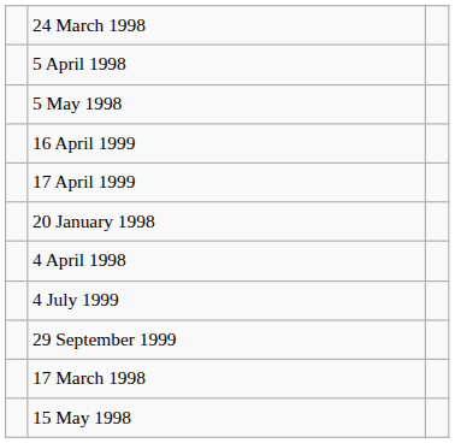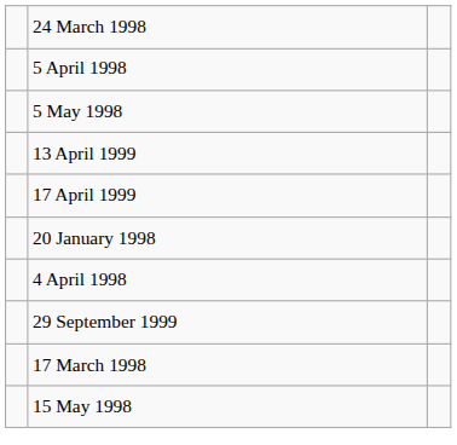 <table class="wikitable" style="font-size: 89%; float: left; width: 24em; margin-right: 1em; line-height: 1.65em !important; height: 324px;">
 <tr>
 <td></td>
 <td>24 March 1998</td>
 <td></td>
 </tr>
 <tr>
 <td></td>
 <td>5 April 1998</td>
 <td></td>
 </tr>
 <tr>
 <td></td>
 <td>5 May 1998</td>
 <td></td>
 </tr>
 <tr>
 <td></td>
-<td>16 April 1999</td>
+<td>13 April 1999</td>
 <td></td>
 </tr>
 <tr>
 <td></td>
 <td>17 April 1999</td>
 <td></td>
 </tr>
 <tr>
 <td></td>
 <td>20 January 1998</td>
 <td></td>
 </tr>
 <tr>
 <td></td>
 <td>4 April 1998</td>
 <td></td>
 </tr>
 <tr>
 <td></td>
-<td>4 July 1999</td>
-<td></td>
-</tr>
-<tr>
-<td></td>
 <td>29 September 1999</td>
 <td></td>
 </tr>
 <tr>
 <td></td>
 <td>17 March 1998</td>
 <td></td>
 </tr>
 <tr>
 <td></td>
 <td>15 May 1998</td>
 <td></td>
 </tr>
 </table>
